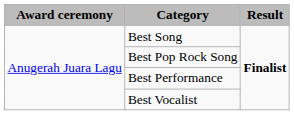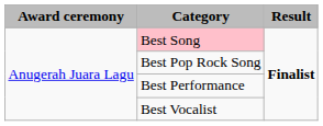 <table class="wikitable">
 <tr>
 <th style="background:#bcbcbc;">Award ceremony</th>
 <th style="background:#bcbcbc;">Category</th>
 <th style="background:#bcbcbc;">Result</th>
 </tr>
 <tr>
 <td rowspan="4" style="text-align:left;"><a href='#'>Anugerah Juara Lagu</a></td>
-<td align="left">Best Song</td>
+<td align="left" style="background: pink;">Best Song</td>
 <td rowspan="4" style="text-align:left;"><strong>Finalist</strong></td>
 </tr>
 <tr>
 <td align="left">Best Pop Rock Song</td>
 </tr>
 <tr>
 <td align="left">Best Performance</td>
 </tr>
 <tr>
 <td align="left">Best Vocalist</td>
 </tr>
 </table>
